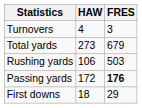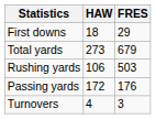 <table class="wikitable">
 <tr>
 <th>Statistics</th>
 <th>HAW</th>
 <th>FRES</th>
 </tr>
 <tr>
-<td>Turnovers</td>
-<td>4</td>
-<td>3</td>
+<td>First downs</td>
+<td>18</td>
+<td>29</td>
 </tr>
 <tr>
 <td>Total yards</td>
 <td>273</td>
 <td>679</td>
 </tr>
 <tr>
 <td>Rushing yards</td>
 <td>106</td>
 <td>503</td>
 </tr>
 <tr>
 <td>Passing yards</td>
 <td>172</td>
-<td><strong>176</strong></td>
+<td>176</td>
 </tr>
 <tr>
-<td>First downs</td>
-<td>18</td>
-<td>29</td>
+<td>Turnovers</td>
+<td>4</td>
+<td>3</td>
 </tr>
 </table>
